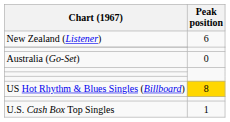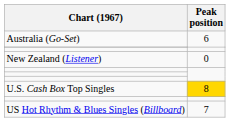 <table class="wikitable sortable">
 <tr>
 <th scope="col">Chart (1967)</th>
 <th scope="col">Peak<br>position</th>
 </tr>
 <tr>
-<td>New Zealand (<em><a href='#'>Listener</a></em>)</td>
+<td>Australia (<em>Go-Set</em>)</td>
 <td style="text-align:center;">6</td>
 </tr>
 <tr>
 </tr>
 <tr>
 <td></td>
 </tr>
 <tr>
-<td>Australia (<em>Go-Set</em>)</td>
+<td>New Zealand (<em><a href='#'>Listener</a></em>)</td>
 <td style="text-align:center;">0</td>
 </tr>
 <tr>
 <td></td>
 </tr>
 <tr>
 <td></td>
 </tr>
 <tr>
 <td></td>
 </tr>
 <tr>
-<td scope="row">US <a href='#'>Hot Rhythm & Blues Singles</a> (<em><a href='#'>Billboard</a></em>)</td>
+<td align="left">U.S. <em>Cash Box</em> Top Singles </td>
 <td style="background: gold; text-align:center;">8</td>
 </tr>
 <tr>
 <td></td>
 </tr>
 <tr>
-<td align="left">U.S. <em>Cash Box</em> Top Singles </td>
-<td align="center">1</td>
+<td scope="row">US <a href='#'>Hot Rhythm & Blues Singles</a> (<em><a href='#'>Billboard</a></em>)</td>
+<td align="center">7</td>
 </tr>
 </table>
